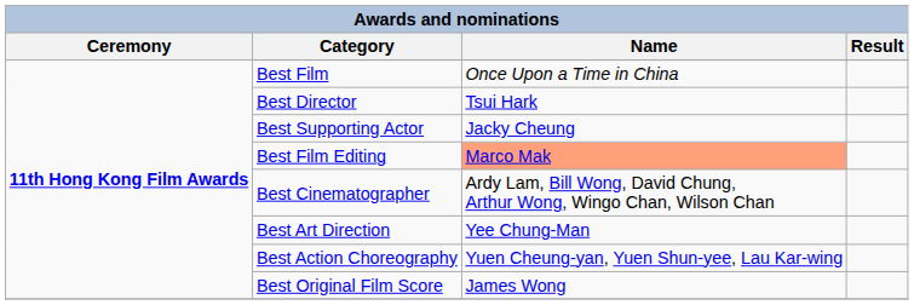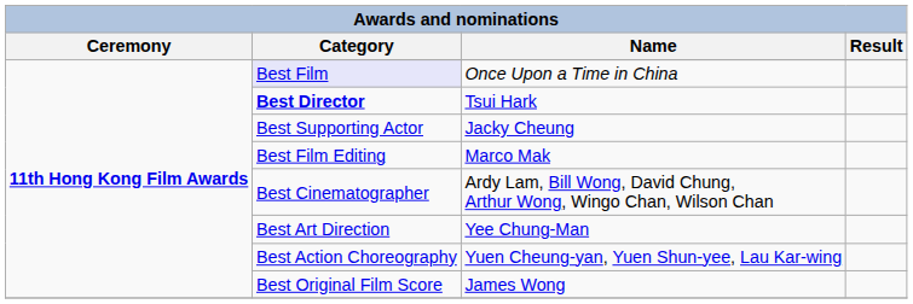 <table class="wikitable" style="font-size:95%">
 <tr>
 <th colspan="5" style="background: LightSteelBlue;">Awards and nominations</th>
 </tr>
 <tr>
 <th>Ceremony</th>
 <th>Category</th>
 <th>Name</th>
 <th>Result</th>
 </tr>
 <tr>
 <td rowspan=9><strong><a href='#'>11th Hong Kong Film Awards</a></strong></td>
 </tr>
 <tr>
-<td><a href='#'>Best Film</a></td>
+<td style="background: lavender;"><a href='#'>Best Film</a></td>
 <td><em>Once Upon a Time in China</em></td>
 <td></td>
 </tr>
 <tr>
-<td><a href='#'>Best Director</a></td>
+<td><strong><a href='#'>Best Director</a></strong></td>
 <td><a href='#'>Tsui Hark</a></td>
 <td></td>
 </tr>
 <tr>
 <td><a href='#'>Best Supporting Actor</a></td>
 <td><a href='#'>Jacky Cheung</a></td>
 <td></td>
 </tr>
 <tr>
 <td><a href='#'>Best Film Editing</a></td>
-<td style="background: lightsalmon;"><a href='#'>Marco Mak</a></td>
+<td><a href='#'>Marco Mak</a></td>
 <td></td>
 </tr>
 <tr>
 <td><a href='#'>Best Cinematographer</a></td>
 <td>Ardy Lam, <a href='#'>Bill Wong</a>, David Chung,  <br><a href='#'>Arthur Wong</a>, Wingo Chan, Wilson Chan</td>
 <td></td>
 </tr>
 <tr>
 <td><a href='#'>Best Art Direction</a></td>
 <td><a href='#'>Yee Chung-Man</a></td>
 <td></td>
 </tr>
 <tr>
 <td><a href='#'>Best Action Choreography</a></td>
 <td><a href='#'>Yuen Cheung-yan</a>, <a href='#'>Yuen Shun-yee</a>, <a href='#'>Lau Kar-wing</a></td>
 <td></td>
 </tr>
 <tr>
 <td><a href='#'>Best Original Film Score</a></td>
 <td><a href='#'>James Wong</a></td>
 <td></td>
 </tr>
 <tr>
 </tr>
 </table>
